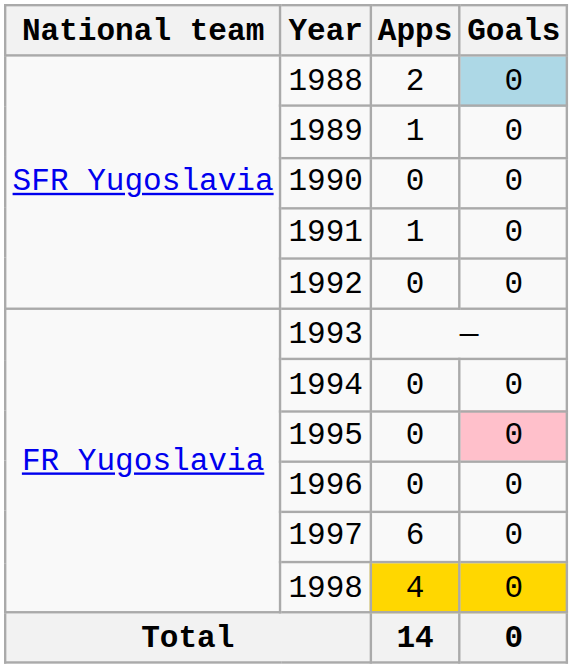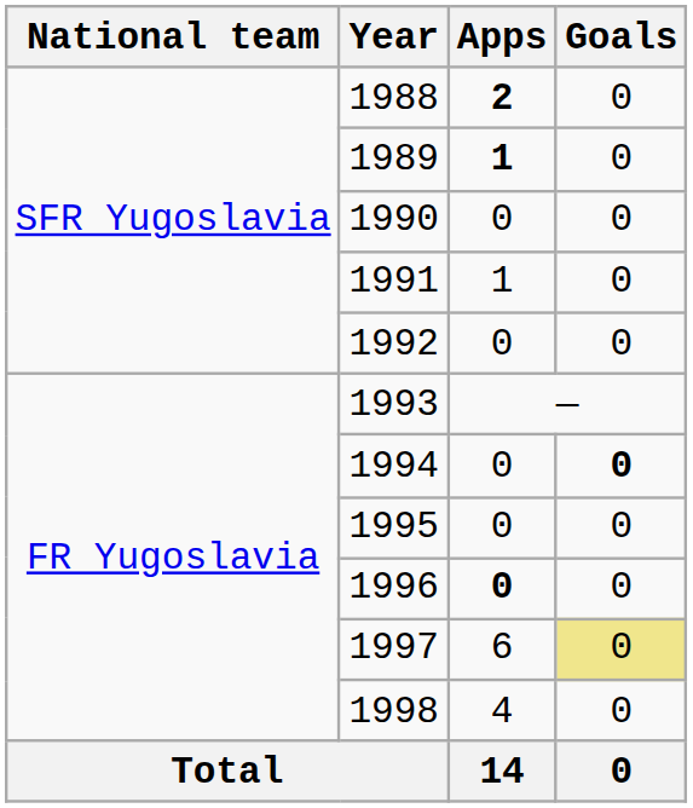 <table class="wikitable" style="text-align:center">
 <tr>
 <th>National team</th>
 <th>Year</th>
 <th>Apps</th>
 <th>Goals</th>
 </tr>
 <tr>
 <td rowspan="5"><a href='#'>SFR Yugoslavia</a></td>
 <td>1988</td>
-<td>2</td>
-<td style="background: lightblue;">0</td>
+<td><strong>2</strong></td>
+<td>0</td>
 </tr>
 <tr>
 <td>1989</td>
-<td>1</td>
+<td><strong>1</strong></td>
 <td>0</td>
 </tr>
 <tr>
 <td>1990</td>
 <td>0</td>
 <td>0</td>
 </tr>
 <tr>
 <td>1991</td>
 <td>1</td>
 <td>0</td>
 </tr>
 <tr>
 <td>1992</td>
 <td>0</td>
 <td>0</td>
 </tr>
 <tr>
 <td rowspan="6"><a href='#'>FR Yugoslavia</a></td>
 <td>1993</td>
 <td colspan="2">—</td>
 </tr>
 <tr>
 <td>1994</td>
 <td>0</td>
-<td>0</td>
+<td><strong>0</strong></td>
 </tr>
 <tr>
 <td>1995</td>
 <td>0</td>
-<td style="background: pink;">0</td>
+<td>0</td>
 </tr>
 <tr>
 <td>1996</td>
-<td>0</td>
+<td><strong>0</strong></td>
 <td>0</td>
 </tr>
 <tr>
 <td>1997</td>
 <td>6</td>
-<td>0</td>
+<td style="background: khaki;">0</td>
 </tr>
 <tr>
 <td>1998</td>
-<td style="background: gold;">4</td>
-<td style="background: gold;">0</td>
+<td>4</td>
+<td>0</td>
 </tr>
 <tr>
 <th colspan="2">Total</th>
 <th>14</th>
 <th>0</th>
 </tr>
 </table>
